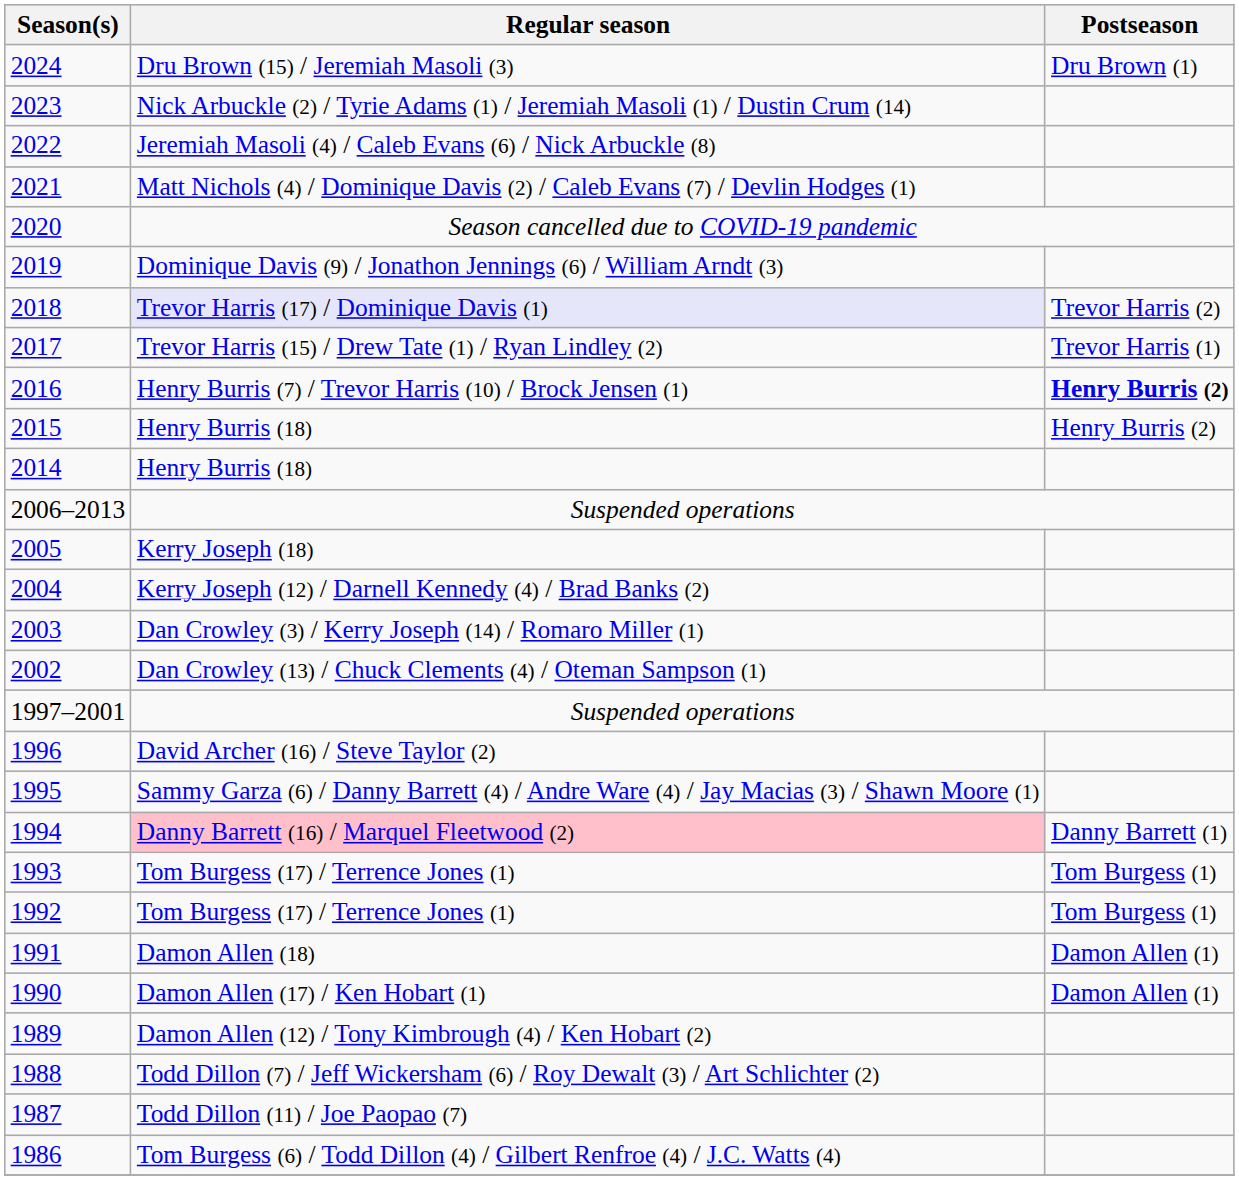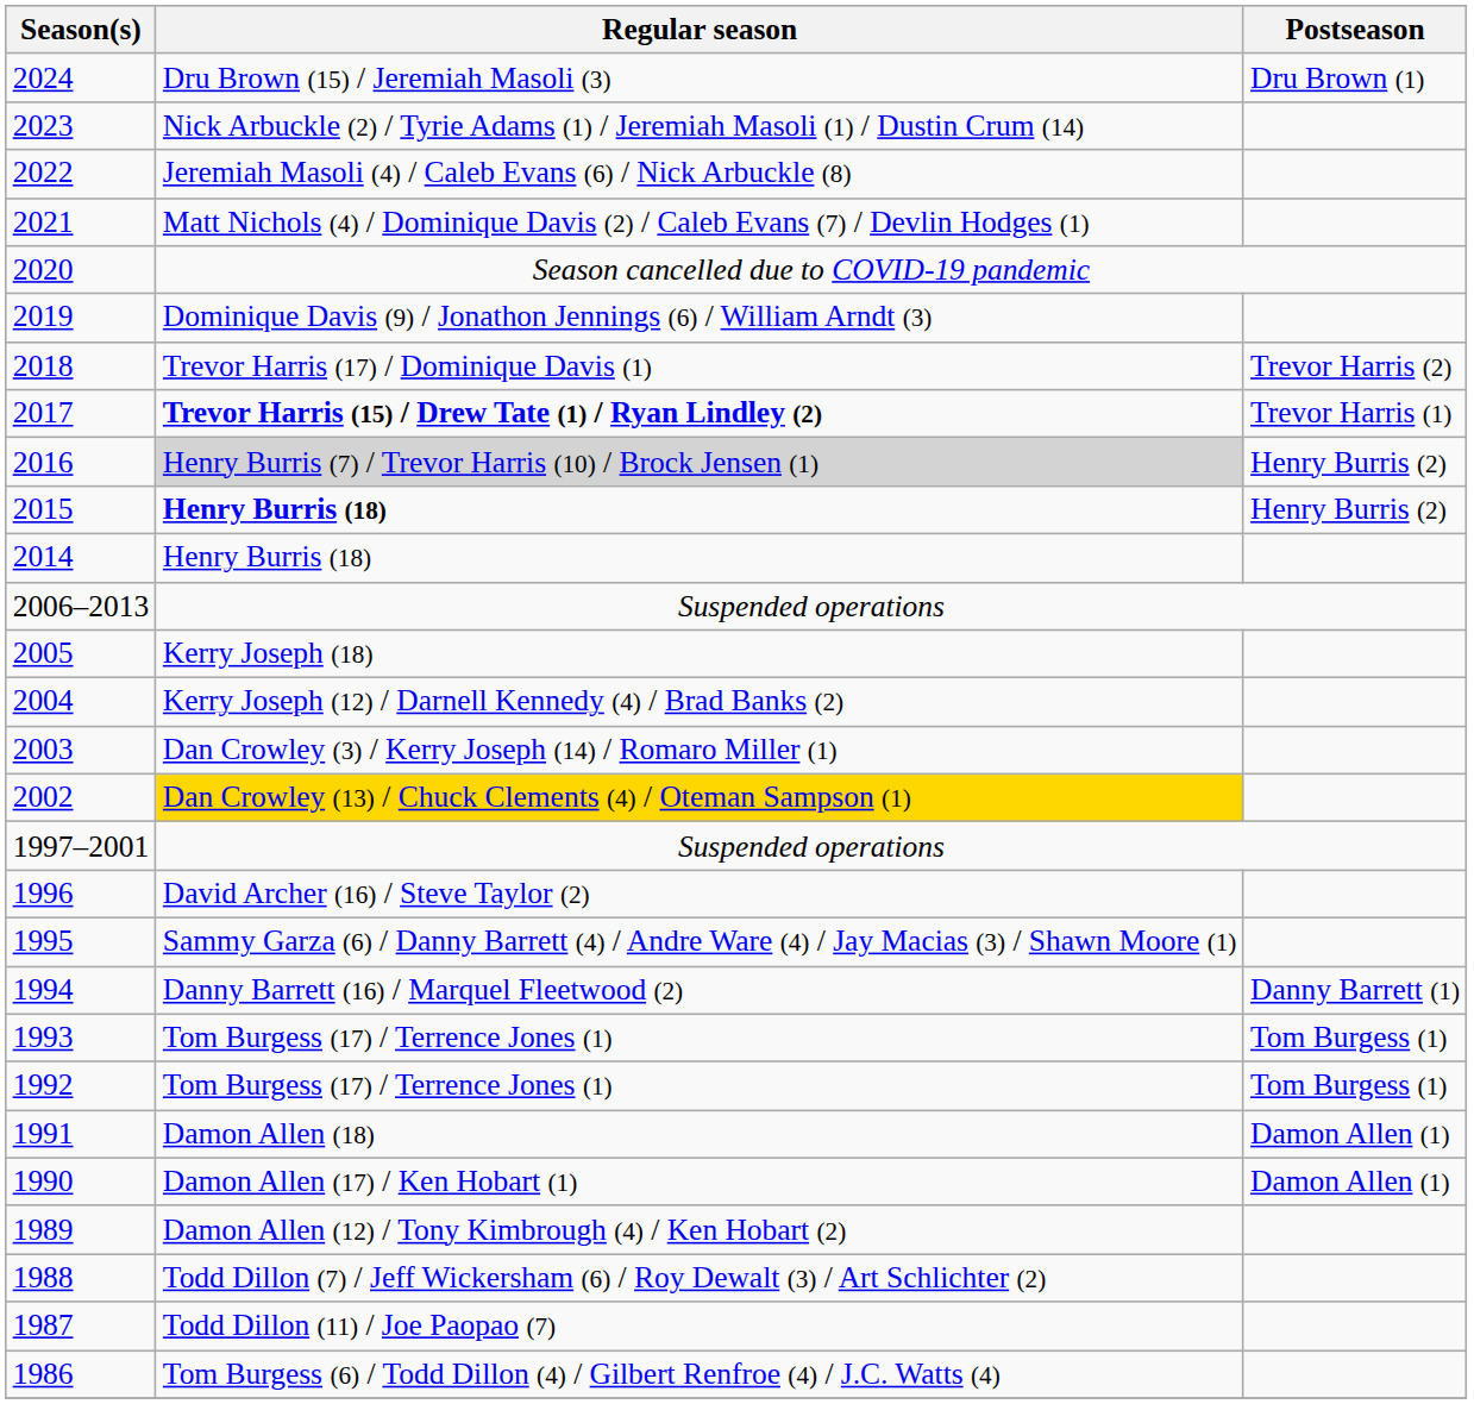 <table class="wikitable sortable">
 <tr>
 <th>Season(s)</th>
 <th>Regular season</th>
 <th>Postseason</th>
 </tr>
 <tr>
 <td><a href='#'>2024</a></td>
 <td><a href='#'>Dru Brown</a> <small>(15)</small> / <a href='#'>Jeremiah Masoli</a> <small>(3)</small></td>
 <td><a href='#'>Dru Brown</a> <small>(1)</small></td>
 </tr>
 <tr>
 <td><a href='#'>2023</a></td>
 <td><a href='#'>Nick Arbuckle</a> <small>(2)</small> / <a href='#'>Tyrie Adams</a> <small>(1)</small> / <a href='#'>Jeremiah Masoli</a> <small>(1)</small> / <a href='#'>Dustin Crum</a> <small>(14)</small></td>
 <td></td>
 </tr>
 <tr>
 <td><a href='#'>2022</a></td>
 <td><a href='#'>Jeremiah Masoli</a> <small>(4)</small> / <a href='#'>Caleb Evans</a> <small>(6)</small> / <a href='#'>Nick Arbuckle</a> <small>(8)</small></td>
 <td></td>
 </tr>
 <tr>
 <td><a href='#'>2021</a></td>
 <td><a href='#'>Matt Nichols</a> <small>(4)</small> / <a href='#'>Dominique Davis</a> <small>(2)</small> / <a href='#'>Caleb Evans</a> <small>(7)</small> / <a href='#'>Devlin Hodges</a> <small>(1)</small></td>
 <td></td>
 </tr>
 <tr>
 <td><a href='#'>2020</a></td>
 <td align="center" colSpan="2"><em>Season cancelled due to <a href='#'>COVID-19 pandemic</a></em></td>
 </tr>
 <tr>
 <td><a href='#'>2019</a></td>
 <td><a href='#'>Dominique Davis</a> <small>(9)</small> / <a href='#'>Jonathon Jennings</a> <small>(6)</small> / <a href='#'>William Arndt</a> <small>(3)</small></td>
 <td></td>
 </tr>
 <tr>
 <td><a href='#'>2018</a></td>
-<td style="background: lavender;"><a href='#'>Trevor Harris</a> <small>(17)</small> / <a href='#'>Dominique Davis</a> <small>(1)</small></td>
+<td><a href='#'>Trevor Harris</a> <small>(17)</small> / <a href='#'>Dominique Davis</a> <small>(1)</small></td>
 <td><a href='#'>Trevor Harris</a> <small>(2)</small></td>
 </tr>
 <tr>
 <td><a href='#'>2017</a></td>
-<td><a href='#'>Trevor Harris</a> <small>(15)</small> / <a href='#'>Drew Tate</a> <small>(1)</small> / <a href='#'>Ryan Lindley</a> <small>(2)</small></td>
+<td><strong><a href='#'>Trevor Harris</a> <small>(15)</small> / <a href='#'>Drew Tate</a> <small>(1)</small> / <a href='#'>Ryan Lindley</a> <small>(2)</small></strong></td>
 <td><a href='#'>Trevor Harris</a> <small>(1)</small></td>
 </tr>
 <tr>
 <td><a href='#'>2016</a></td>
-<td><a href='#'>Henry Burris</a> <small>(7)</small> / <a href='#'>Trevor Harris</a> <small>(10)</small> / <a href='#'>Brock Jensen</a> <small>(1)</small></td>
-<td><strong><a href='#'>Henry Burris</a> <small>(2)</small></strong></td>
+<td style="background: lightgrey;"><a href='#'>Henry Burris</a> <small>(7)</small> / <a href='#'>Trevor Harris</a> <small>(10)</small> / <a href='#'>Brock Jensen</a> <small>(1)</small></td>
+<td><a href='#'>Henry Burris</a> <small>(2)</small></td>
 </tr>
 <tr>
 <td><a href='#'>2015</a></td>
-<td><a href='#'>Henry Burris</a> <small>(18)</small></td>
+<td><strong><a href='#'>Henry Burris</a> <small>(18)</small></strong></td>
 <td><a href='#'>Henry Burris</a> <small>(2)</small></td>
 </tr>
 <tr>
 <td><a href='#'>2014</a></td>
 <td><a href='#'>Henry Burris</a> <small>(18)</small></td>
 <td></td>
 </tr>
 <tr>
 <td>2006–2013</td>
 <td align="center" colSpan="2"><em>Suspended operations</em></td>
 </tr>
 <tr>
 <td><a href='#'>2005</a></td>
 <td><a href='#'>Kerry Joseph</a> <small>(18)</small></td>
 <td></td>
 </tr>
 <tr>
 <td><a href='#'>2004</a></td>
 <td><a href='#'>Kerry Joseph</a> <small>(12)</small> / <a href='#'>Darnell Kennedy</a> <small>(4)</small> / <a href='#'>Brad Banks</a> <small>(2)</small></td>
 <td></td>
 </tr>
 <tr>
 <td><a href='#'>2003</a></td>
 <td><a href='#'>Dan Crowley</a> <small>(3)</small> / <a href='#'>Kerry Joseph</a> <small>(14)</small> / <a href='#'>Romaro Miller</a> <small>(1)</small></td>
 <td></td>
 </tr>
 <tr>
 <td><a href='#'>2002</a></td>
-<td><a href='#'>Dan Crowley</a> <small>(13)</small> / <a href='#'>Chuck Clements</a> <small>(4)</small> / <a href='#'>Oteman Sampson</a> <small>(1)</small></td>
+<td style="background: gold;"><a href='#'>Dan Crowley</a> <small>(13)</small> / <a href='#'>Chuck Clements</a> <small>(4)</small> / <a href='#'>Oteman Sampson</a> <small>(1)</small></td>
 <td></td>
 </tr>
 <tr>
 <td>1997–2001</td>
 <td align="center" colSpan="2"><em>Suspended operations</em></td>
 </tr>
 <tr>
 <td><a href='#'>1996</a></td>
 <td align=left><a href='#'>David Archer</a> <small>(16)</small> / <a href='#'>Steve Taylor</a> <small>(2)</small></td>
 <td></td>
 </tr>
 <tr>
 <td><a href='#'>1995</a></td>
 <td align=left><a href='#'>Sammy Garza</a> <small>(6)</small> / <a href='#'>Danny Barrett</a> <small>(4)</small> / <a href='#'>Andre Ware</a> <small>(4)</small> / <a href='#'>Jay Macias</a> <small>(3)</small> / <a href='#'>Shawn Moore</a> <small>(1)</small></td>
 <td></td>
 </tr>
 <tr>
 <td><a href='#'>1994</a></td>
-<td align=left style="background: pink;"><a href='#'>Danny Barrett</a> <small>(16)</small> / <a href='#'>Marquel Fleetwood</a> <small>(2)</small></td>
+<td align=left><a href='#'>Danny Barrett</a> <small>(16)</small> / <a href='#'>Marquel Fleetwood</a> <small>(2)</small></td>
 <td><a href='#'>Danny Barrett</a> <small>(1)</small></td>
 </tr>
 <tr>
 <td><a href='#'>1993</a></td>
 <td align=left><a href='#'>Tom Burgess</a> <small>(17)</small> / <a href='#'>Terrence Jones</a> <small>(1)</small></td>
 <td><a href='#'>Tom Burgess</a> <small>(1)</small></td>
 </tr>
 <tr>
 <td><a href='#'>1992</a></td>
 <td align=left><a href='#'>Tom Burgess</a> <small>(17)</small> / <a href='#'>Terrence Jones</a> <small>(1)</small></td>
 <td><a href='#'>Tom Burgess</a> <small>(1)</small></td>
 </tr>
 <tr>
 <td><a href='#'>1991</a></td>
 <td align=left><a href='#'>Damon Allen</a> <small>(18)</small></td>
 <td><a href='#'>Damon Allen</a> <small>(1)</small></td>
 </tr>
 <tr>
 <td><a href='#'>1990</a></td>
 <td align=left><a href='#'>Damon Allen</a> <small>(17)</small> / <a href='#'>Ken Hobart</a> <small>(1)</small></td>
 <td><a href='#'>Damon Allen</a> <small>(1)</small></td>
 </tr>
 <tr>
 <td><a href='#'>1989</a></td>
 <td align=left><a href='#'>Damon Allen</a> <small>(12)</small> / <a href='#'>Tony Kimbrough</a> <small>(4)</small> / <a href='#'>Ken Hobart</a> <small>(2)</small></td>
 <td></td>
 </tr>
 <tr>
 <td><a href='#'>1988</a></td>
 <td align=left><a href='#'>Todd Dillon</a> <small>(7)</small> / <a href='#'>Jeff Wickersham</a> <small>(6)</small> / <a href='#'>Roy Dewalt</a> <small>(3)</small> / <a href='#'>Art Schlichter</a> <small>(2)</small></td>
 <td></td>
 </tr>
 <tr>
 <td><a href='#'>1987</a></td>
 <td align=left><a href='#'>Todd Dillon</a> <small>(11)</small> / <a href='#'>Joe Paopao</a> <small>(7)</small></td>
 <td></td>
 </tr>
 <tr>
 <td><a href='#'>1986</a></td>
 <td align=left><a href='#'>Tom Burgess</a> <small>(6)</small> / <a href='#'>Todd Dillon</a> <small>(4)</small> / <a href='#'>Gilbert Renfroe</a> <small>(4)</small> / <a href='#'>J.C. Watts</a> <small>(4)</small></td>
 <td></td>
 </tr>
 <tr>
 </tr>
 </table>
